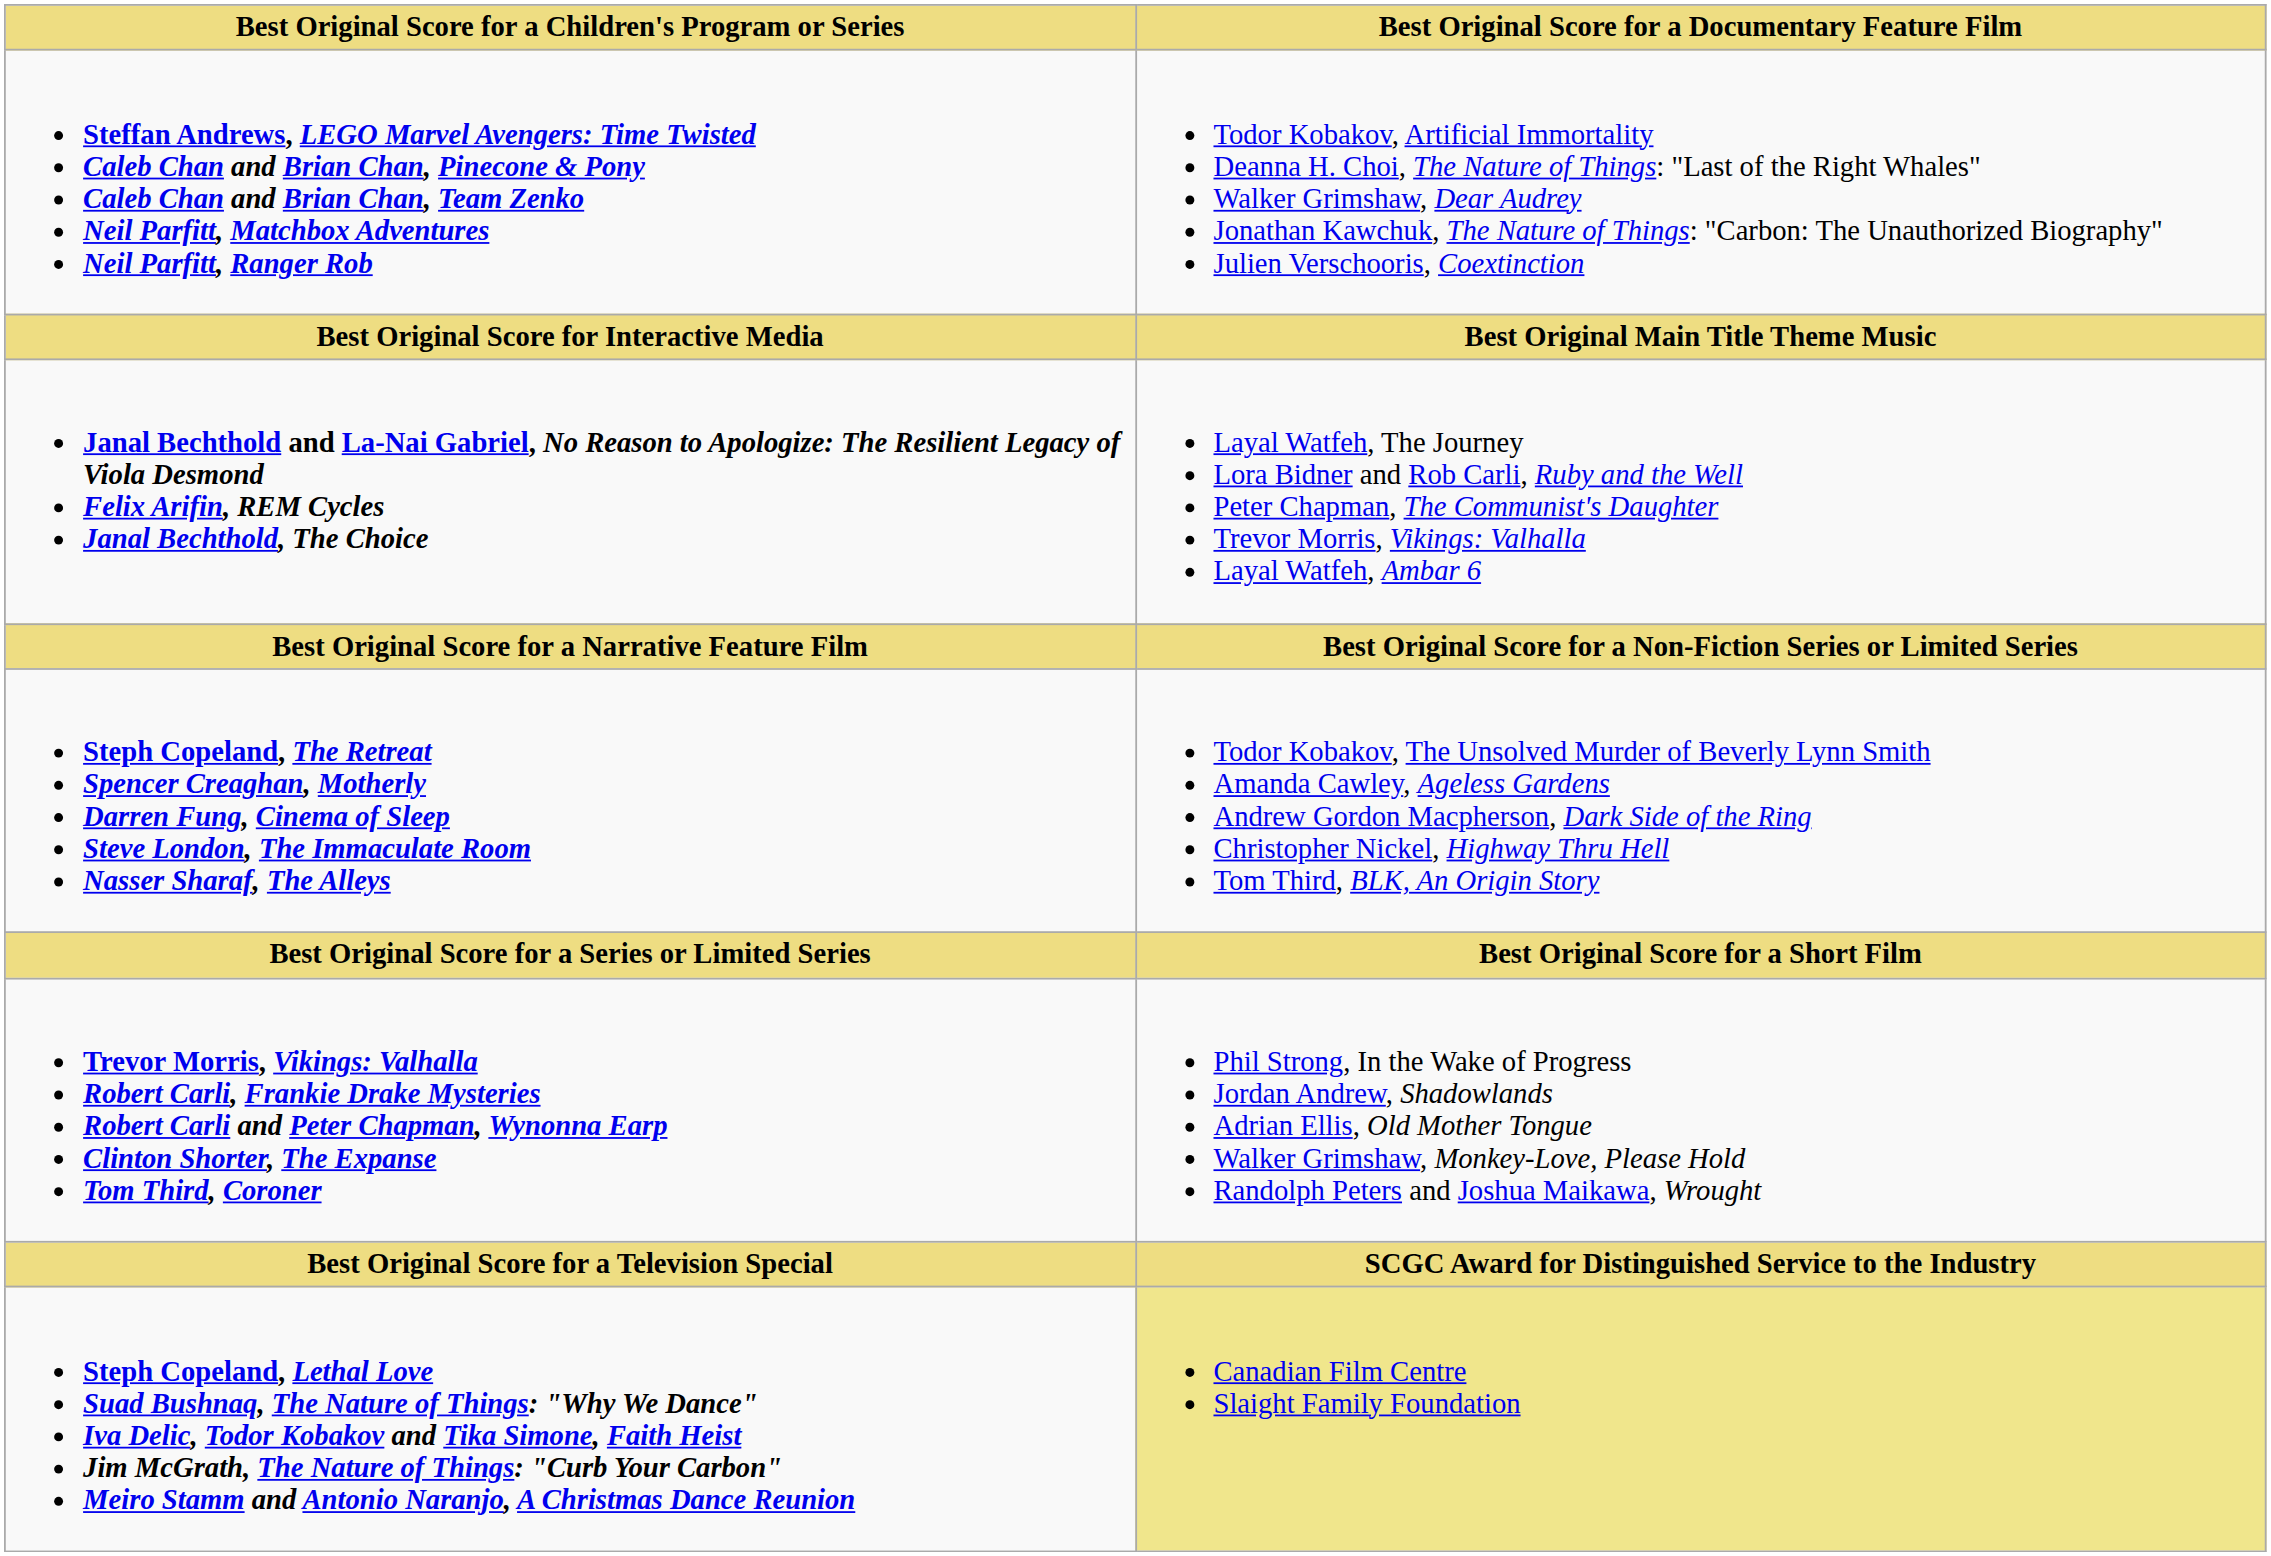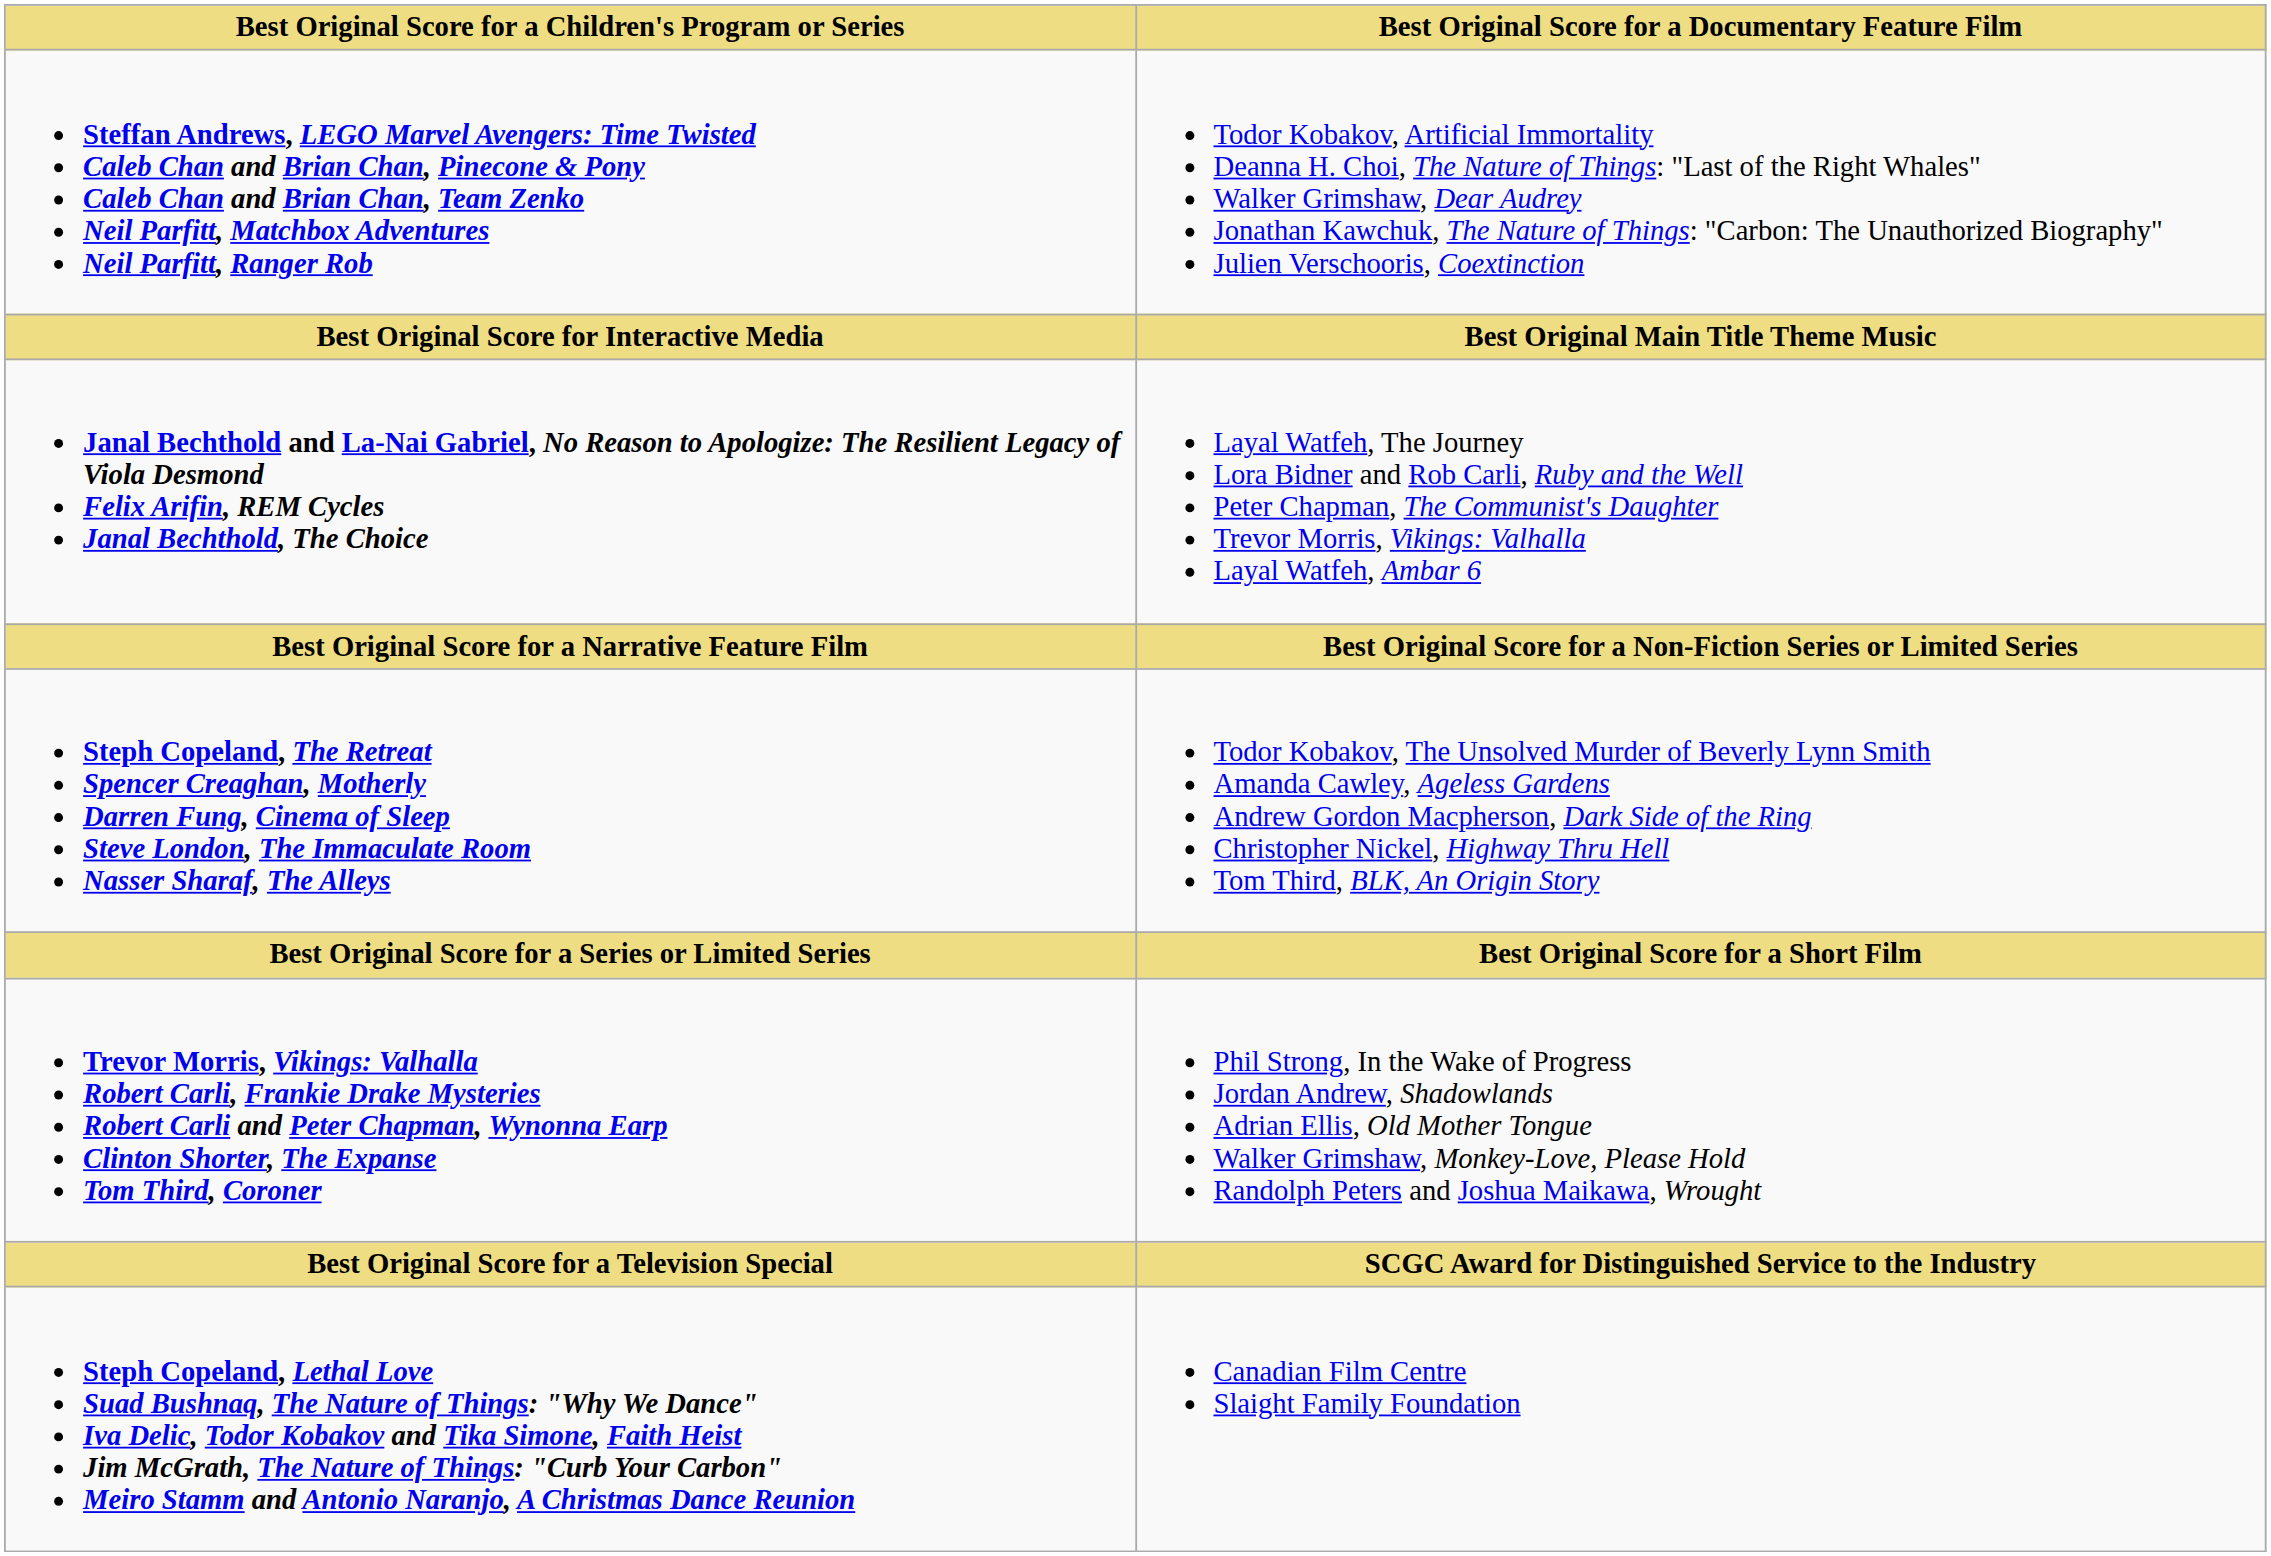 <table class=wikitable width="100%">
 <tr>
 <th style="background:#EEDD82; width:50%">Best Original Score for a Children's Program or Series</th>
 <th style="background:#EEDD82; width:50%">Best Original Score for a Documentary Feature Film</th>
 </tr>
 <tr>
 <td valign="top"><br><ul><li> <strong><a href='#'>Steffan Andrews</a>, <em><a href='#'>LEGO Marvel Avengers: Time Twisted</a><strong><em></li><li><a href='#'>Caleb Chan</a> and <a href='#'>Brian Chan</a>, </em><a href='#'>Pinecone & Pony</a><em></li><li><a href='#'>Caleb Chan</a> and <a href='#'>Brian Chan</a>, </em><a href='#'>Team Zenko</a><em></li><li><a href='#'>Neil Parfitt</a>, </em><a href='#'>Matchbox Adventures</a><em></li><li><a href='#'>Neil Parfitt</a>, </em><a href='#'>Ranger Rob</a><em></li></ul></td>
 <td valign="top"><br><ul><li> </strong><a href='#'>Todor Kobakov</a>, </em><a href='#'>Artificial Immortality</a></em></strong></li><li><a href='#'>Deanna H. Choi</a>, <em><a href='#'>The Nature of Things</a></em>: "Last of the Right Whales"</li><li><a href='#'>Walker Grimshaw</a>, <em><a href='#'>Dear Audrey</a></em></li><li><a href='#'>Jonathan Kawchuk</a>, <em><a href='#'>The Nature of Things</a></em>: "Carbon: The Unauthorized Biography"</li><li><a href='#'>Julien Verschooris</a>, <em><a href='#'>Coextinction</a></em></li></ul></td>
 </tr>
 <tr>
 <th style="background:#EEDD82; width:50%">Best Original Score for Interactive Media</th>
 <th style="background:#EEDD82; width:50%">Best Original Main Title Theme Music</th>
 </tr>
 <tr>
 <td valign="top"><br><ul><li> <strong><a href='#'>Janal Bechthold</a> and <a href='#'>La-Nai Gabriel</a>, <em>No Reason to Apologize: The Resilient Legacy of Viola Desmond<strong><em></li><li><a href='#'>Felix Arifin</a>, </em>REM Cycles<em></li><li><a href='#'>Janal Bechthold</a>, </em>The Choice<em></li></ul></td>
 <td valign="top"><br><ul><li> </strong><a href='#'>Layal Watfeh</a>, </em>The Journey</em></strong></li><li><a href='#'>Lora Bidner</a> and <a href='#'>Rob Carli</a>, <em><a href='#'>Ruby and the Well</a></em></li><li><a href='#'>Peter Chapman</a>, <em><a href='#'>The Communist's Daughter</a></em></li><li><a href='#'>Trevor Morris</a>, <em><a href='#'>Vikings: Valhalla</a></em></li><li><a href='#'>Layal Watfeh</a>, <em><a href='#'>Ambar 6</a></em></li></ul></td>
 </tr>
 <tr>
 <th style="background:#EEDD82; width:50%">Best Original Score for a Narrative Feature Film</th>
 <th style="background:#EEDD82; width:50%">Best Original Score for a Non-Fiction Series or Limited Series</th>
 </tr>
 <tr>
 <td valign="top"><br><ul><li> <strong><a href='#'>Steph Copeland</a>, <em><a href='#'>The Retreat</a><strong><em></li><li><a href='#'>Spencer Creaghan</a>, </em><a href='#'>Motherly</a><em></li><li><a href='#'>Darren Fung</a>, </em><a href='#'>Cinema of Sleep</a><em></li><li><a href='#'>Steve London</a>, </em><a href='#'>The Immaculate Room</a><em></li><li><a href='#'>Nasser Sharaf</a>, </em><a href='#'>The Alleys</a><em></li></ul></td>
 <td valign="top"><br><ul><li> </strong><a href='#'>Todor Kobakov</a>, </em><a href='#'>The Unsolved Murder of Beverly Lynn Smith</a></em></strong></li><li><a href='#'>Amanda Cawley</a>, <em><a href='#'>Ageless Gardens</a></em></li><li><a href='#'>Andrew Gordon Macpherson</a>, <em><a href='#'>Dark Side of the Ring</a></em></li><li><a href='#'>Christopher Nickel</a>, <em><a href='#'>Highway Thru Hell</a></em></li><li><a href='#'>Tom Third</a>, <em><a href='#'>BLK, An Origin Story</a></em></li></ul></td>
 </tr>
 <tr>
 <th style="background:#EEDD82; width:50%">Best Original Score for a Series or Limited Series</th>
 <th style="background:#EEDD82; width:50%">Best Original Score for a Short Film</th>
 </tr>
 <tr>
 <td valign="top"><br><ul><li> <strong><a href='#'>Trevor Morris</a>, <em><a href='#'>Vikings: Valhalla</a><strong><em></li><li><a href='#'>Robert Carli</a>, </em><a href='#'>Frankie Drake Mysteries</a><em></li><li><a href='#'>Robert Carli</a> and <a href='#'>Peter Chapman</a>, </em><a href='#'>Wynonna Earp</a><em></li><li><a href='#'>Clinton Shorter</a>, </em><a href='#'>The Expanse</a><em></li><li><a href='#'>Tom Third</a>, </em><a href='#'>Coroner</a><em></li></ul></td>
 <td valign="top"><br><ul><li> </strong><a href='#'>Phil Strong</a>, </em>In the Wake of Progress</em></strong></li><li><a href='#'>Jordan Andrew</a>, <em>Shadowlands</em></li><li><a href='#'>Adrian Ellis</a>, <em>Old Mother Tongue</em></li><li><a href='#'>Walker Grimshaw</a>, <em>Monkey-Love, Please Hold</em></li><li><a href='#'>Randolph Peters</a> and <a href='#'>Joshua Maikawa</a>, <em>Wrought</em></li></ul></td>
 </tr>
 <tr>
 <th style="background:#EEDD82; width:50%">Best Original Score for a Television Special</th>
 <th style="background:#EEDD82; width:50%">SCGC Award for Distinguished Service to the Industry</th>
 </tr>
 <tr>
 <td valign="top"><br><ul><li> <strong><a href='#'>Steph Copeland</a>, <em><a href='#'>Lethal Love</a><strong><em></li><li><a href='#'>Suad Bushnaq</a>, </em><a href='#'>The Nature of Things</a><em>: "Why We Dance"</li><li><a href='#'>Iva Delic</a>, <a href='#'>Todor Kobakov</a> and <a href='#'>Tika Simone</a>, </em><a href='#'>Faith Heist</a><em></li><li>Jim McGrath, </em><a href='#'>The Nature of Things</a><em>: "Curb Your Carbon"</li><li><a href='#'>Meiro Stamm</a> and <a href='#'>Antonio Naranjo</a>, </em><a href='#'>A Christmas Dance Reunion</a><em></li></ul></td>
-<td valign="top" style="background: khaki;"><br><ul><li> </strong><a href='#'>Canadian Film Centre</a><strong></li><li> </strong><a href='#'>Slaight Family Foundation</a><strong></li></ul></td>
+<td valign="top"><br><ul><li> </strong><a href='#'>Canadian Film Centre</a><strong></li><li> </strong><a href='#'>Slaight Family Foundation</a><strong></li></ul></td>
 </tr>
 </table>
